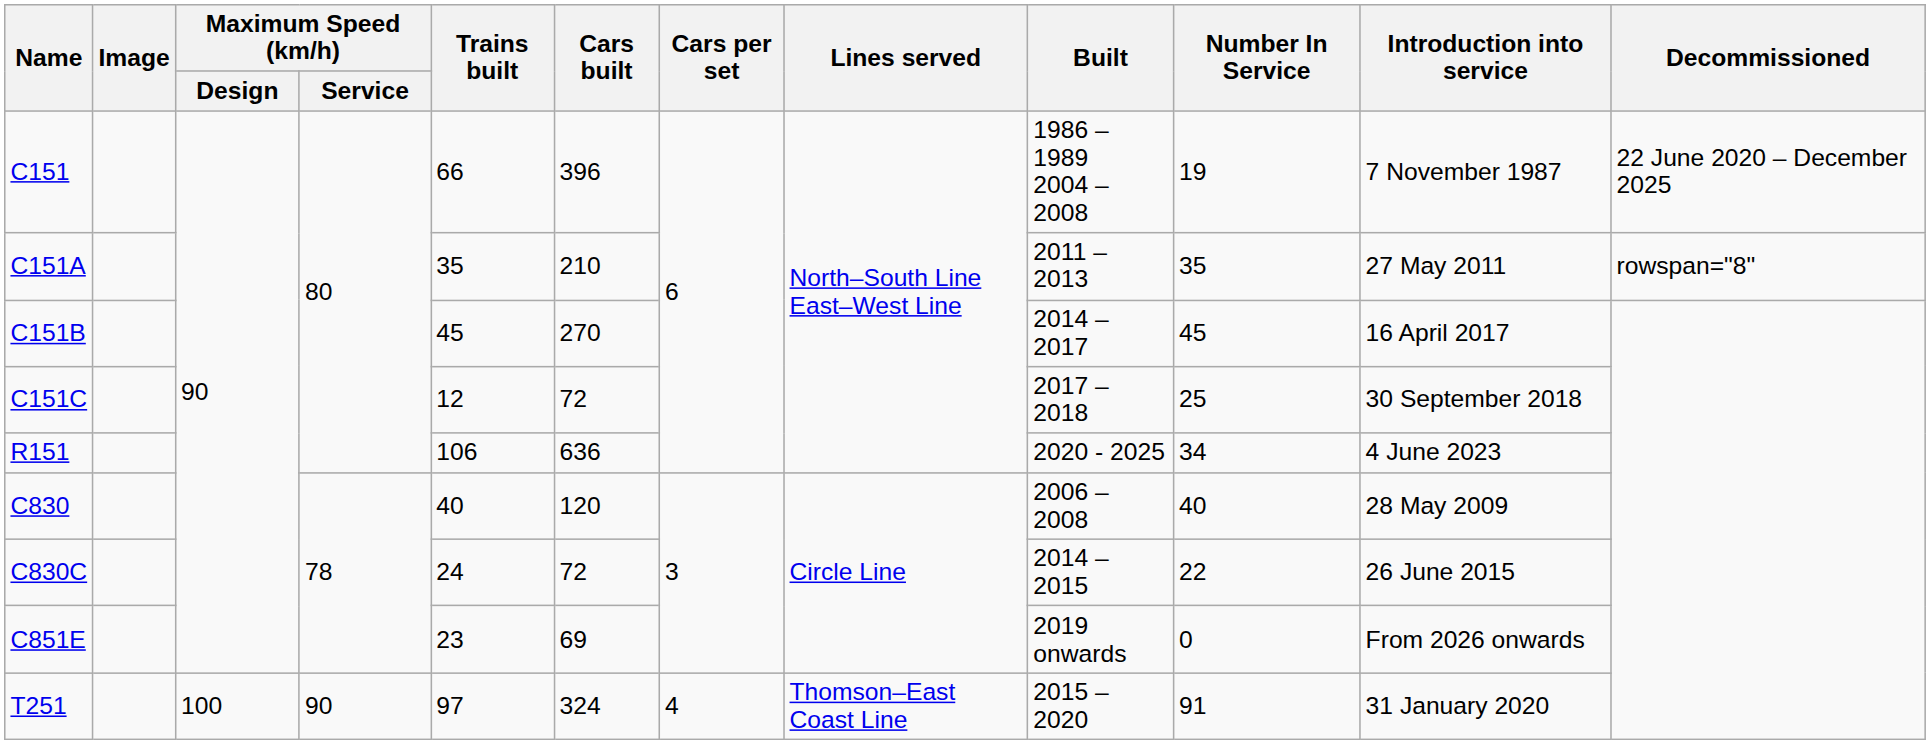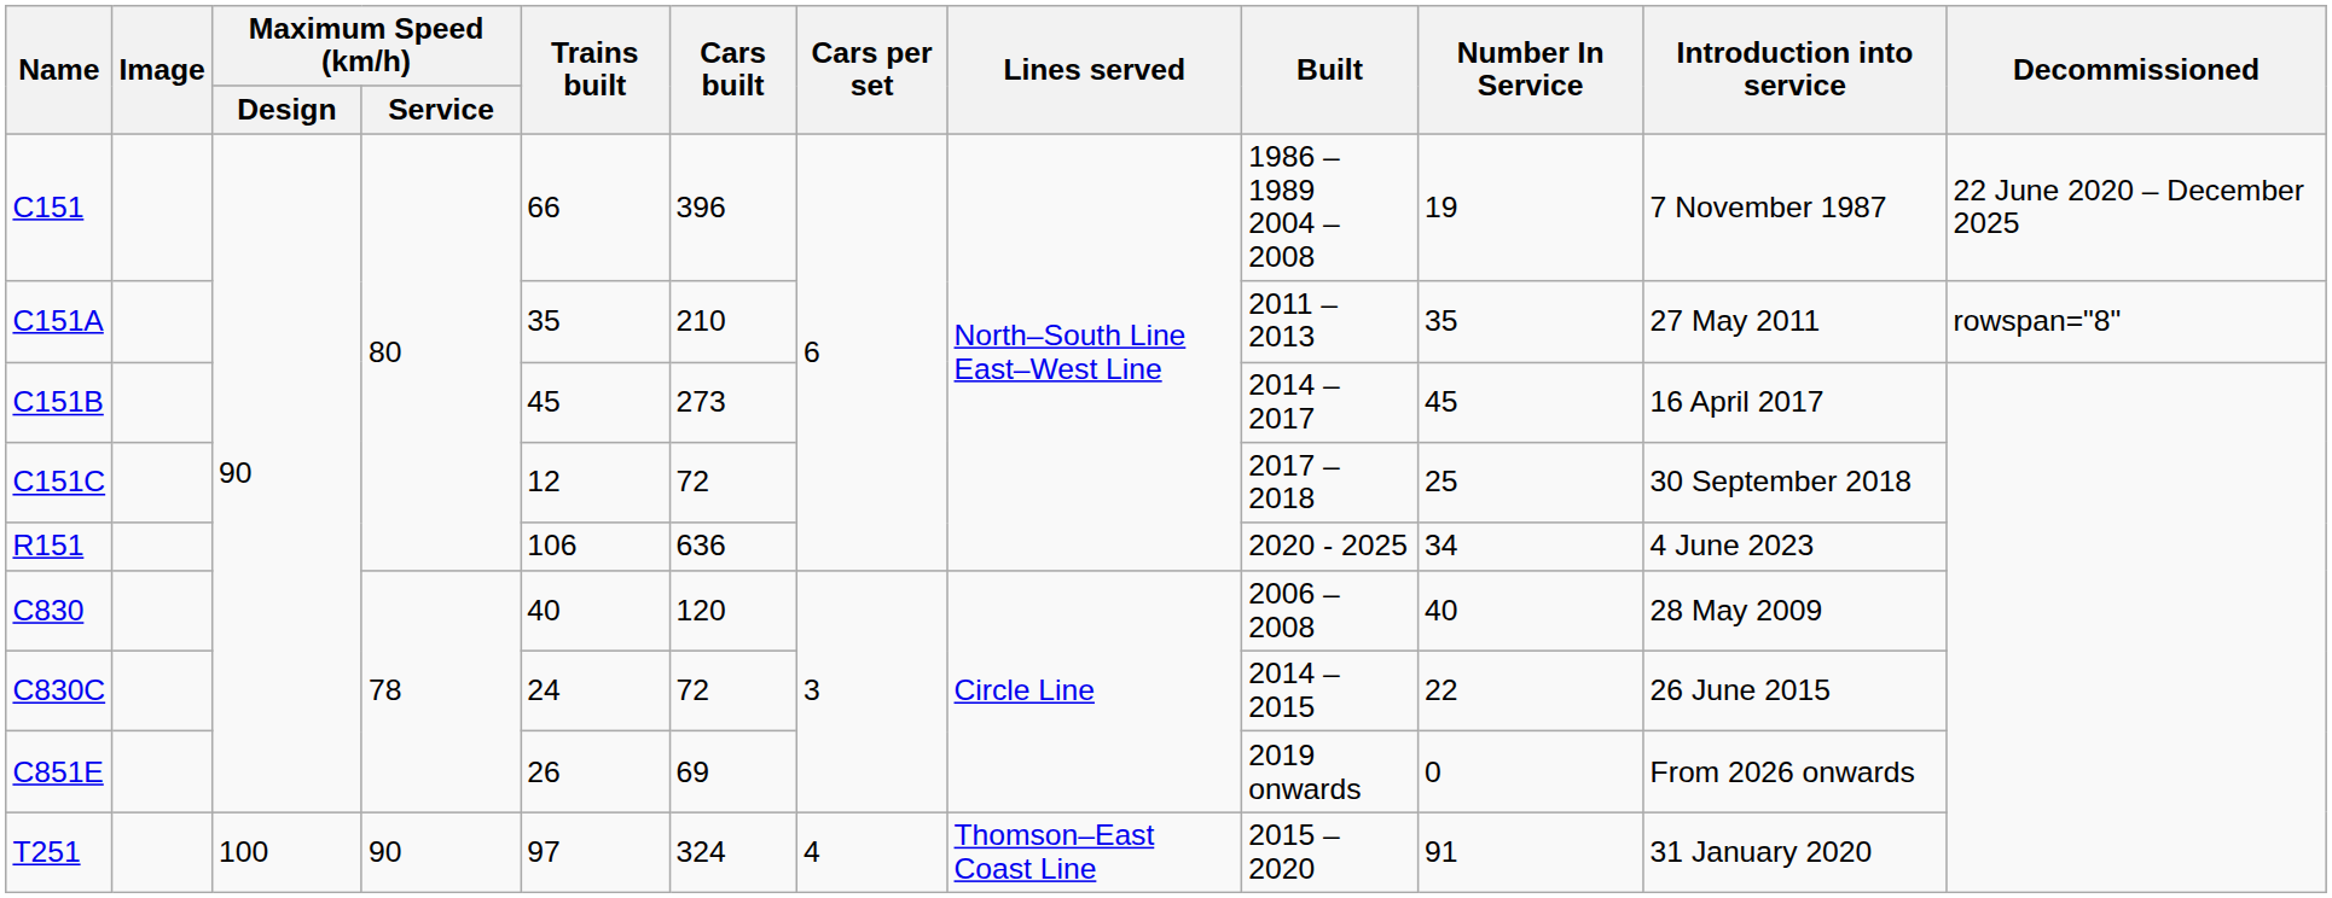 <table class="wikitable">
 <tr>
 <th rowspan="2">Name</th>
 <th rowspan="2">Image</th>
 <th colspan="2">Maximum Speed (km/h)</th>
 <th rowspan="2">Trains built</th>
 <th rowspan="2">Cars built</th>
 <th rowspan="2">Cars per set</th>
 <th rowspan="2">Lines served</th>
 <th rowspan="2">Built</th>
 <th rowspan="2">Number In Service</th>
 <th rowspan="2">Introduction into service</th>
 <th rowspan="2">Decommissioned</th>
 </tr>
 <tr>
 <th>Design</th>
 <th>Service</th>
 </tr>
 <tr>
 <td><a href='#'>C151</a></td>
 <td></td>
 <td rowspan="8">90</td>
 <td rowspan="5">80</td>
 <td>66</td>
 <td>396</td>
 <td rowspan="5">6</td>
 <td rowspan="5"><a href='#'>North–South Line</a><br><a href='#'>East–West Line</a></td>
 <td>1986 – 1989<br>2004 – 2008</td>
 <td>19</td>
 <td>7 November 1987</td>
 <td>22 June 2020 – December 2025</td>
 </tr>
 <tr>
 <td><a href='#'>C151A</a></td>
 <td></td>
 <td>35</td>
 <td>210</td>
 <td>2011 – 2013</td>
 <td>35</td>
 <td>27 May 2011</td>
 <td>rowspan="8" </td>
 </tr>
 <tr>
 <td><a href='#'>C151B</a></td>
 <td></td>
 <td>45</td>
-<td>270</td>
+<td>273</td>
 <td>2014 – 2017</td>
 <td>45</td>
 <td>16 April 2017</td>
 </tr>
 <tr>
 <td><a href='#'>C151C</a></td>
 <td></td>
 <td>12</td>
 <td>72</td>
 <td>2017 – 2018</td>
 <td>25</td>
 <td>30 September 2018</td>
 </tr>
 <tr>
 <td><a href='#'>R151</a></td>
 <td></td>
 <td>106</td>
 <td>636</td>
 <td>2020 - 2025</td>
 <td>34</td>
 <td>4 June 2023</td>
 </tr>
 <tr>
 <td><a href='#'>C830</a></td>
 <td></td>
 <td rowspan="3">78</td>
 <td>40</td>
 <td>120</td>
 <td rowspan="3">3</td>
 <td rowspan="3"><a href='#'>Circle Line</a></td>
 <td>2006 – 2008</td>
 <td>40</td>
 <td>28 May 2009</td>
 </tr>
 <tr>
 <td><a href='#'>C830C</a></td>
 <td></td>
 <td>24</td>
 <td>72</td>
 <td>2014 – 2015</td>
 <td>22</td>
 <td>26 June 2015</td>
 </tr>
 <tr>
 <td><a href='#'>C851E</a></td>
 <td></td>
-<td>23</td>
+<td>26</td>
 <td>69</td>
 <td>2019 onwards</td>
 <td>0</td>
 <td>From 2026 onwards</td>
 </tr>
 <tr>
 <td><a href='#'>T251</a></td>
 <td></td>
 <td>100</td>
 <td>90</td>
 <td>97</td>
 <td>324</td>
 <td>4</td>
 <td><a href='#'>Thomson–East Coast Line</a></td>
 <td>2015 – 2020</td>
 <td>91</td>
 <td>31 January 2020</td>
 </tr>
 </table>
